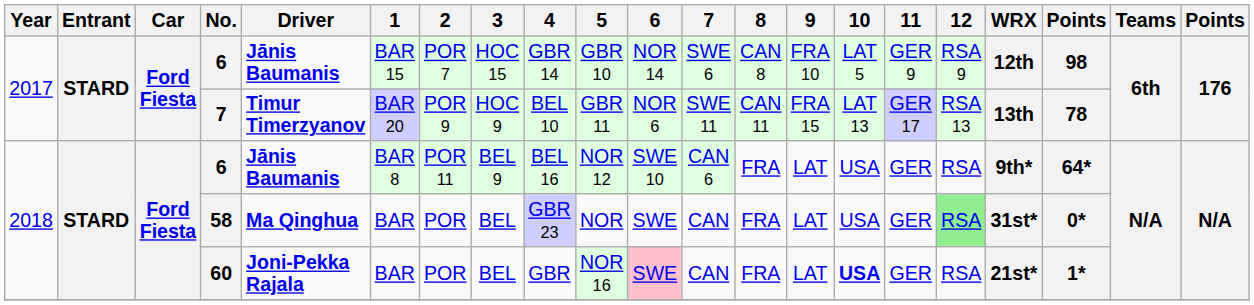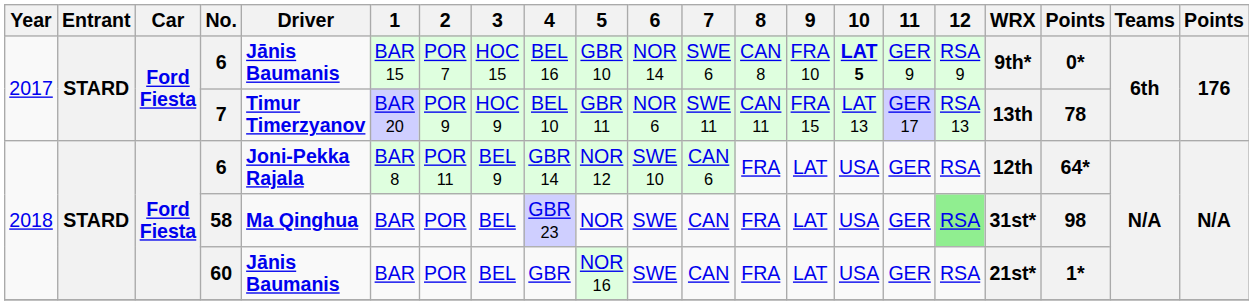 <table class="wikitable" border="1" style="text-align:center; font-size:90%;">
 <tr valign="top">
 <th>Year</th>
 <th>Entrant</th>
 <th>Car</th>
 <th>No.</th>
 <th>Driver</th>
 <th>1</th>
 <th>2</th>
 <th>3</th>
 <th>4</th>
 <th>5</th>
 <th>6</th>
 <th>7</th>
 <th>8</th>
 <th>9</th>
 <th>10</th>
 <th>11</th>
 <th>12</th>
 <th>WRX</th>
 <th>Points</th>
 <th>Teams</th>
 <th>Points</th>
 </tr>
 <tr>
 <td rowspan=2><a href='#'>2017</a></td>
 <th rowspan=2 align="left">STARD</th>
 <th rowspan=2><a href='#'>Ford Fiesta</a></th>
 <th>6</th>
 <td align="left"> <strong><a href='#'>Jānis Baumanis</a></strong></td>
 <td style="background:#DFFFDF;"><a href='#'>BAR</a><br><small>15</small></td>
 <td style="background:#DFFFDF;"><a href='#'>POR</a><br><small>7</small></td>
 <td style="background:#DFFFDF;"><a href='#'>HOC</a><br><small>15</small></td>
-<td style="background:#DFFFDF;"><a href='#'>GBR</a><br><small>14</small></td>
+<td style="background:#DFFFDF;"><a href='#'>BEL</a><br><small>16</small></td>
 <td style="background:#DFFFDF;"><a href='#'>GBR</a><br><small>10</small></td>
 <td style="background:#DFFFDF;"><a href='#'>NOR</a><br><small>14</small></td>
 <td style="background:#DFFFDF;"><a href='#'>SWE</a><br><small>6</small></td>
 <td style="background:#DFFFDF;"><a href='#'>CAN</a><br><small>8</small></td>
 <td style="background:#DFFFDF;"><a href='#'>FRA</a><br><small>10</small></td>
-<td style="background:#DFFFDF;"><a href='#'>LAT</a><br><small>5</small></td>
+<td style="background:#DFFFDF;"><strong><a href='#'>LAT</a><br><small>5</small></strong></td>
 <td style="background:#DFFFDF;"><a href='#'>GER</a><br><small>9</small></td>
 <td style="background:#DFFFDF;"><a href='#'>RSA</a><br><small>9</small></td>
-<th>12th</th>
-<th>98</th>
+<th>9th*</th>
+<th>0*</th>
 <th rowspan=2>6th</th>
 <th rowspan=2>176</th>
 </tr>
 <tr>
 <th>7</th>
 <td align="left"> <strong><a href='#'>Timur Timerzyanov</a></strong></td>
 <td style="background:#CFCFFF;"><a href='#'>BAR</a><br><small>20</small></td>
 <td style="background:#DFFFDF;"><a href='#'>POR</a><br><small>9</small></td>
 <td style="background:#DFFFDF;"><a href='#'>HOC</a><br><small>9</small></td>
 <td style="background:#DFFFDF;"><a href='#'>BEL</a><br><small>10</small></td>
 <td style="background:#DFFFDF;"><a href='#'>GBR</a><br><small>11</small></td>
 <td style="background:#DFFFDF;"><a href='#'>NOR</a><br><small>6</small></td>
 <td style="background:#DFFFDF;"><a href='#'>SWE</a><br><small>11</small></td>
 <td style="background:#DFFFDF;"><a href='#'>CAN</a><br><small>11</small></td>
 <td style="background:#DFFFDF;"><a href='#'>FRA</a><br><small>15</small></td>
 <td style="background:#DFFFDF;"><a href='#'>LAT</a><br><small>13</small></td>
 <td style="background:#CFCFFF;"><a href='#'>GER</a><br><small>17</small></td>
 <td style="background:#DFFFDF;"><a href='#'>RSA</a><br><small>13</small></td>
 <th>13th</th>
 <th>78</th>
 </tr>
 <tr>
 <td rowspan=3><a href='#'>2018</a></td>
 <th rowspan=3 align="left">STARD</th>
 <th rowspan=3><a href='#'>Ford Fiesta</a></th>
 <th>6</th>
-<td align="left"> <strong><a href='#'>Jānis Baumanis</a></strong></td>
+<td align="left"> <strong><a href='#'>Joni-Pekka Rajala</a></strong></td>
 <td style="background:#DFFFDF;"><a href='#'>BAR</a><br><small>8</small></td>
 <td style="background:#DFFFDF;"><a href='#'>POR</a><br><small>11</small></td>
 <td style="background:#DFFFDF;"><a href='#'>BEL</a><br><small>9</small></td>
-<td style="background:#DFFFDF;"><a href='#'>BEL</a><br><small>16</small></td>
+<td style="background:#DFFFDF;"><a href='#'>GBR</a><br><small>14</small></td>
 <td style="background:#DFFFDF;"><a href='#'>NOR</a><br><small>12</small></td>
 <td style="background:#DFFFDF;"><a href='#'>SWE</a><br><small>10</small></td>
 <td style="background:#DFFFDF;"><a href='#'>CAN</a><br><small>6</small></td>
 <td><a href='#'>FRA</a><br><small></small></td>
 <td><a href='#'>LAT</a><br><small></small></td>
 <td><a href='#'>USA</a><br><small></small></td>
 <td><a href='#'>GER</a><br><small></small></td>
 <td><a href='#'>RSA</a><br><small></small></td>
-<th>9th*</th>
+<th>12th</th>
 <th>64*</th>
 <th rowspan=3>N/A</th>
 <th rowspan=3>N/A</th>
 </tr>
 <tr>
 <th>58</th>
 <td align="left"> <strong><a href='#'>Ma Qinghua</a></strong></td>
 <td><a href='#'>BAR</a><br><small></small></td>
 <td><a href='#'>POR</a><br><small></small></td>
 <td><a href='#'>BEL</a><br><small></small></td>
 <td style="background:#CFCFFF;"><a href='#'>GBR</a><br><small>23</small></td>
 <td><a href='#'>NOR</a><br><small></small></td>
 <td><a href='#'>SWE</a><br><small></small></td>
 <td><a href='#'>CAN</a><br><small></small></td>
 <td><a href='#'>FRA</a><br><small></small></td>
 <td><a href='#'>LAT</a><br><small></small></td>
 <td><a href='#'>USA</a><br><small></small></td>
 <td><a href='#'>GER</a><br><small></small></td>
 <td style="background: lightgreen;"><a href='#'>RSA</a><br><small></small></td>
 <th>31st*</th>
-<th>0*</th>
+<th>98</th>
 </tr>
 <tr>
 <th>60</th>
-<td align="left"> <strong><a href='#'>Joni-Pekka Rajala</a></strong></td>
+<td align="left"> <strong><a href='#'>Jānis Baumanis</a></strong></td>
 <td><a href='#'>BAR</a><br><small></small></td>
 <td><a href='#'>POR</a><br><small></small></td>
 <td><a href='#'>BEL</a><br><small></small></td>
 <td><a href='#'>GBR</a><br><small></small></td>
 <td style="background:#DFFFDF;"><a href='#'>NOR</a><br><small>16</small></td>
-<td style="background: pink;"><a href='#'>SWE</a><br><small></small></td>
+<td><a href='#'>SWE</a><br><small></small></td>
 <td><a href='#'>CAN</a><br><small></small></td>
 <td><a href='#'>FRA</a><br><small></small></td>
 <td><a href='#'>LAT</a><br><small></small></td>
-<td><strong><a href='#'>USA</a><br><small></small></strong></td>
+<td><a href='#'>USA</a><br><small></small></td>
 <td><a href='#'>GER</a><br><small></small></td>
 <td><a href='#'>RSA</a><br><small></small></td>
 <th>21st*</th>
 <th>1*</th>
 </tr>
 <tr>
 </tr>
 </table>
